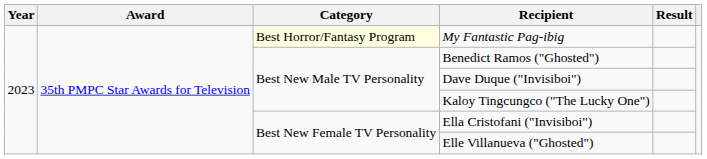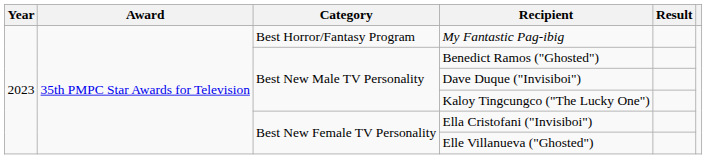 <table class="wikitable">
 <tr>
 <th>Year</th>
 <th>Award</th>
 <th>Category</th>
 <th>Recipient</th>
 <th>Result</th>
 <th></th>
 </tr>
 <tr>
 <td rowspan=6>2023</td>
 <td rowspan=6><a href='#'>35th PMPC Star Awards for Television</a></td>
-<td style="background: lightyellow;">Best Horror/Fantasy Program</td>
+<td>Best Horror/Fantasy Program</td>
 <td><em>My Fantastic Pag-ibig</em></td>
 <td></td>
 <td rowspan=6></td>
 </tr>
 <tr>
 <td rowspan=3>Best New Male TV Personality</td>
 <td>Benedict Ramos ("Ghosted")</td>
 <td></td>
 </tr>
 <tr>
 <td>Dave Duque ("Invisiboi")</td>
 <td></td>
 </tr>
 <tr>
 <td>Kaloy Tingcungco ("The Lucky One")</td>
 <td></td>
 </tr>
 <tr>
 <td rowspan=2>Best New Female TV Personality</td>
 <td>Ella Cristofani ("Invisiboi")</td>
 <td></td>
 </tr>
 <tr>
 <td>Elle Villanueva ("Ghosted")</td>
 <td></td>
 </tr>
 </table>
